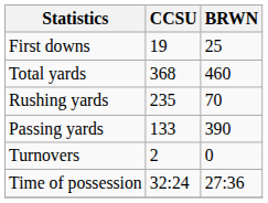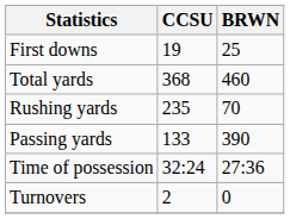 <table class="wikitable">
 <tr>
 <th>Statistics</th>
 <th>CCSU</th>
 <th>BRWN</th>
 </tr>
 <tr>
 <td>First downs</td>
 <td>19</td>
 <td>25</td>
 </tr>
 <tr>
 <td>Total yards</td>
 <td>368</td>
 <td>460</td>
 </tr>
 <tr>
 <td>Rushing yards</td>
 <td>235</td>
 <td>70</td>
 </tr>
 <tr>
 <td>Passing yards</td>
 <td>133</td>
 <td>390</td>
 </tr>
 <tr>
+<td>Time of possession</td>
+<td>32:24</td>
+<td>27:36</td>
+</tr>
+<tr>
 <td>Turnovers</td>
 <td>2</td>
 <td>0</td>
 </tr>
 <tr>
-<td>Time of possession</td>
-<td>32:24</td>
-<td>27:36</td>
-</tr>
-<tr>
 </tr>
 </table>
